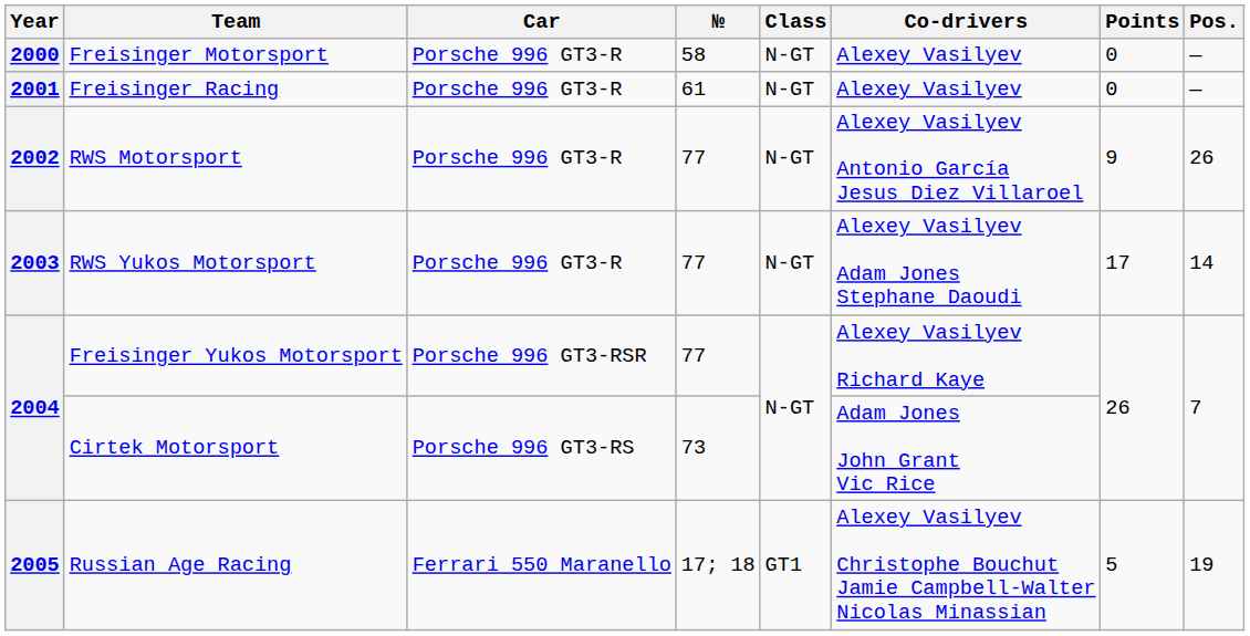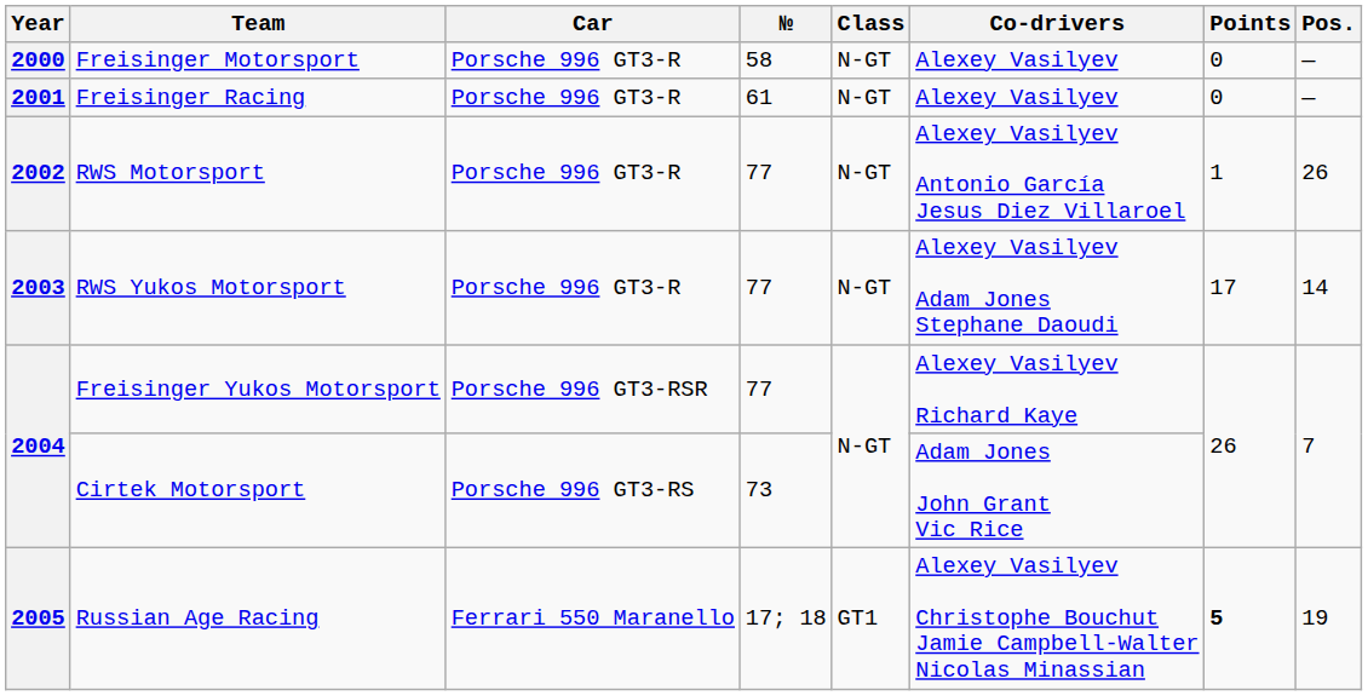 <table class="wikitable">
 <tr>
 <th>Year</th>
 <th>Team</th>
 <th>Car</th>
 <th>№</th>
 <th>Class</th>
 <th>Co-drivers</th>
 <th>Points</th>
 <th>Pos.</th>
 </tr>
 <tr>
 <th><a href='#'>2000</a></th>
 <td><a href='#'>Freisinger Motorsport</a></td>
 <td><a href='#'>Porsche 996</a> GT3-R</td>
 <td>58</td>
 <td>N-GT</td>
 <td> <a href='#'>Alexey Vasilyev</a></td>
 <td>0</td>
 <td>—</td>
 </tr>
 <tr>
 <th><a href='#'>2001</a></th>
 <td><a href='#'>Freisinger Racing</a></td>
 <td><a href='#'>Porsche 996</a> GT3-R</td>
 <td>61</td>
 <td>N-GT</td>
 <td> <a href='#'>Alexey Vasilyev</a></td>
 <td>0</td>
 <td>—</td>
 </tr>
 <tr>
 <th><a href='#'>2002</a></th>
 <td><a href='#'>RWS Motorsport</a></td>
 <td><a href='#'>Porsche 996</a> GT3-R</td>
 <td>77</td>
 <td>N-GT</td>
 <td> <a href='#'>Alexey Vasilyev</a><br><br> <a href='#'>Antonio García</a><br>  <a href='#'>Jesus Diez Villaroel</a></td>
-<td>9</td>
+<td>1</td>
 <td>26</td>
 </tr>
 <tr>
 <th><a href='#'>2003</a></th>
 <td><a href='#'>RWS Yukos Motorsport</a></td>
 <td><a href='#'>Porsche 996</a> GT3-R</td>
 <td>77</td>
 <td>N-GT</td>
 <td> <a href='#'>Alexey Vasilyev</a><br><br> <a href='#'>Adam Jones</a><br>  <a href='#'>Stephane Daoudi</a></td>
 <td>17</td>
 <td>14</td>
 </tr>
 <tr>
 <th rowspan=2><a href='#'>2004</a></th>
 <td><a href='#'>Freisinger Yukos Motorsport</a></td>
 <td><a href='#'>Porsche 996</a> GT3-RSR</td>
 <td>77</td>
 <td rowspan=2>N-GT</td>
 <td> <a href='#'>Alexey Vasilyev</a><br><br> <a href='#'>Richard Kaye</a></td>
 <td rowspan=2>26</td>
 <td rowspan=2>7</td>
 </tr>
 <tr>
 <td><a href='#'>Cirtek Motorsport</a></td>
 <td><a href='#'>Porsche 996</a> GT3-RS</td>
 <td>73</td>
 <td> <a href='#'>Adam Jones</a><br><br> <a href='#'>John Grant</a><br>  <a href='#'>Vic Rice</a><br></td>
 </tr>
 <tr>
 <th><a href='#'>2005</a></th>
 <td><a href='#'>Russian Age Racing</a></td>
 <td><a href='#'>Ferrari 550 Maranello</a></td>
 <td>17; 18</td>
 <td>GT1</td>
 <td> <a href='#'>Alexey Vasilyev</a><br><br> <a href='#'>Christophe Bouchut</a><br>  <a href='#'>Jamie Campbell-Walter</a><br>  <a href='#'>Nicolas Minassian</a><br></td>
-<td>5</td>
+<td><strong>5</strong></td>
 <td>19</td>
 </tr>
 </table>
